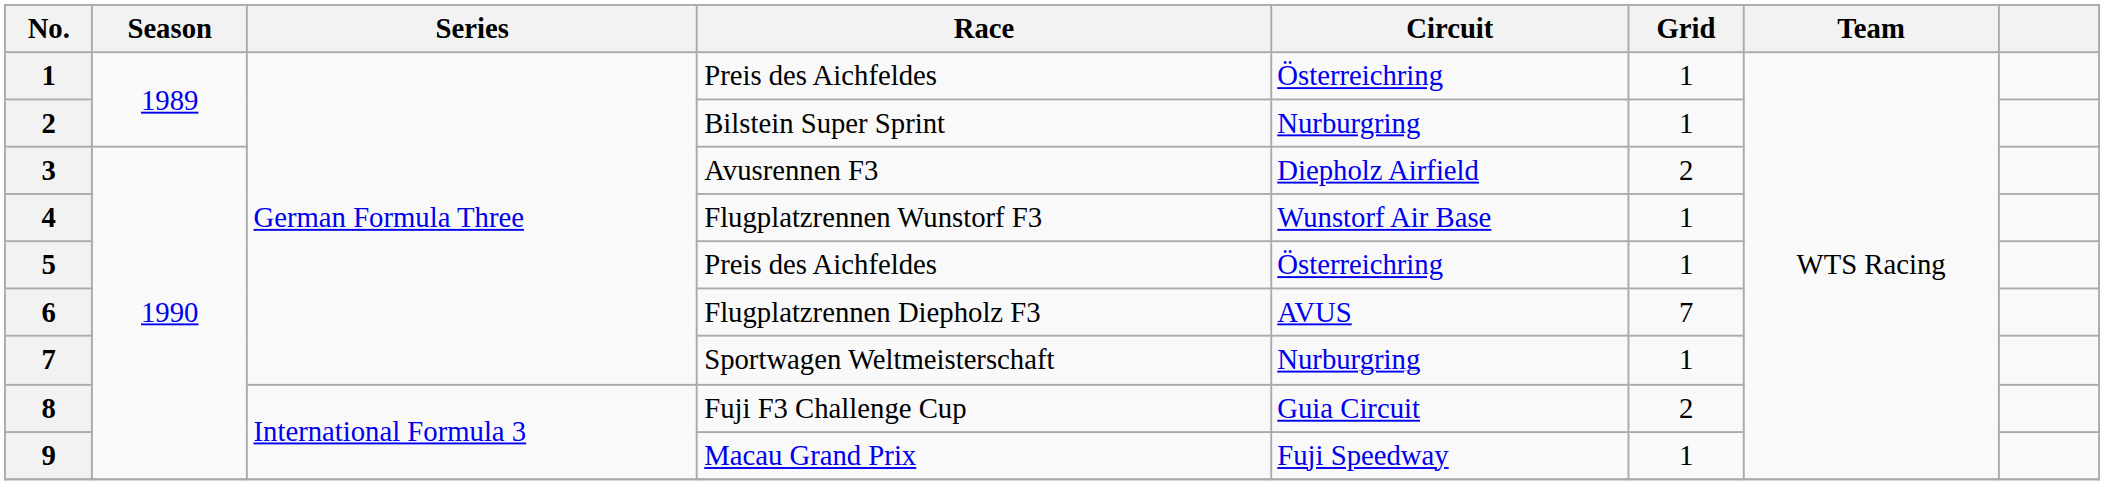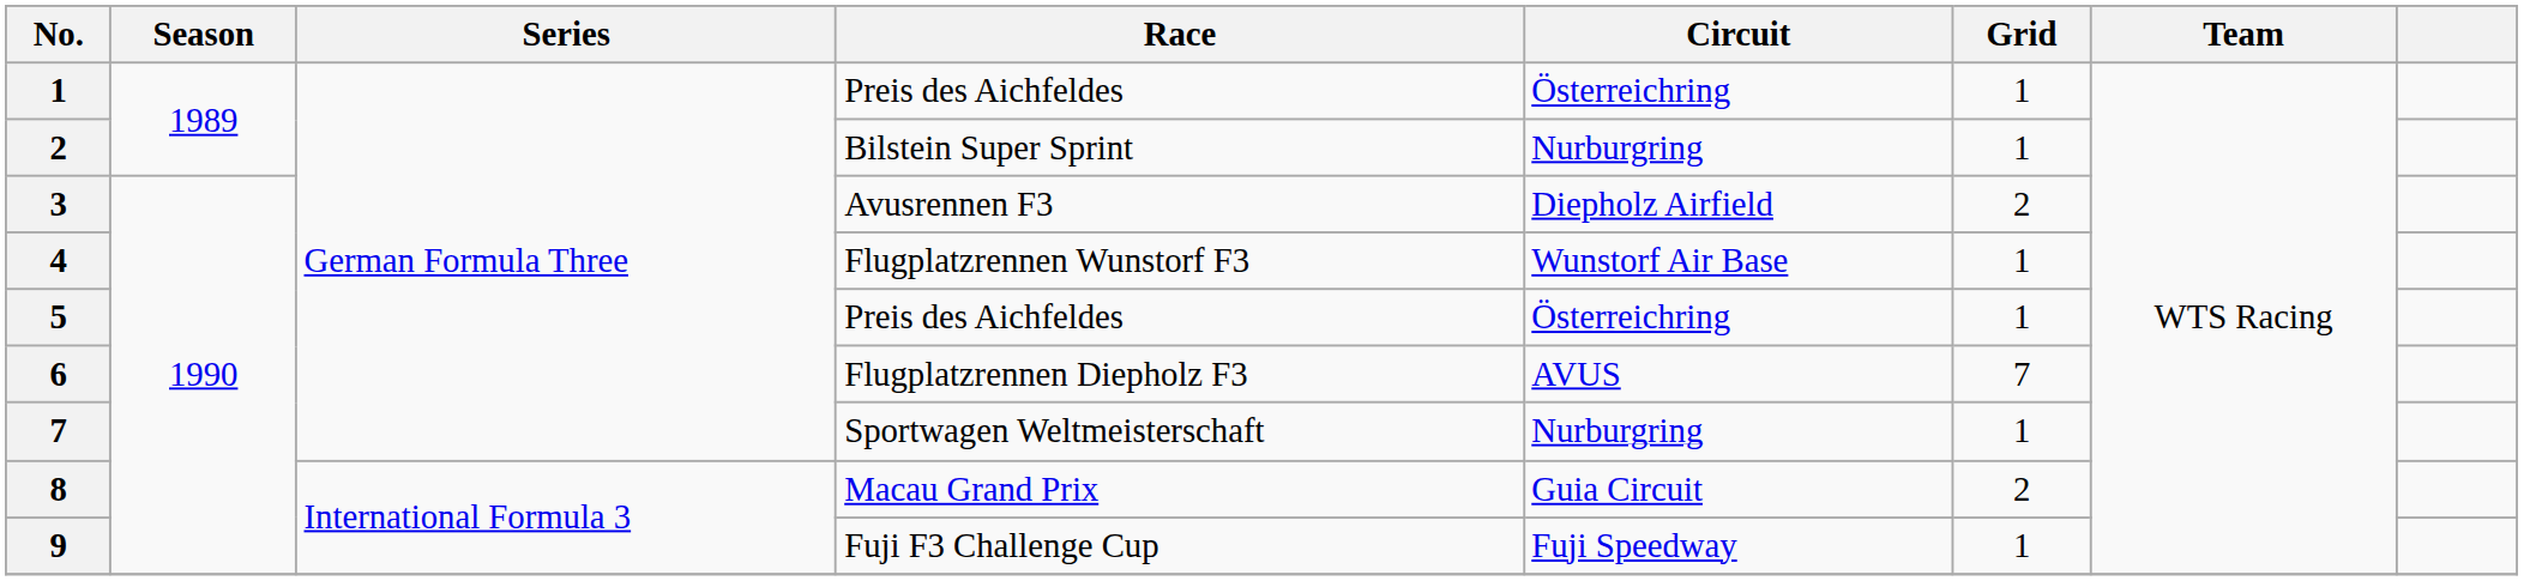 <table class="wikitable sortable" style="font-size:95%; width:70%;">
 <tr>
 <th>No.</th>
 <th>Season</th>
 <th>Series</th>
 <th>Race</th>
 <th>Circuit</th>
 <th>Grid</th>
 <th>Team</th>
 <th class="unsortable" style="width:3em;"></th>
 </tr>
 <tr>
 <th>1</th>
 <td rowspan="2" style="text-align:center;"><a href='#'>1989</a></td>
 <td rowspan="7"><a href='#'>German Formula Three</a></td>
 <td>Preis des Aichfeldes</td>
 <td><a href='#'>Österreichring</a></td>
 <td style="text-align:center;">1</td>
 <td rowspan="9" style="text-align:center;">WTS Racing</td>
 <td align=center></td>
 </tr>
 <tr>
 <th>2</th>
 <td>Bilstein Super Sprint</td>
 <td><a href='#'>Nurburgring</a></td>
 <td style="text-align:center;">1</td>
 <td align=center></td>
 </tr>
 <tr>
 <th>3</th>
 <td rowspan="7" style="text-align:center;"><a href='#'>1990</a></td>
 <td>Avusrennen F3</td>
 <td><a href='#'>Diepholz Airfield</a></td>
 <td style="text-align:center;">2</td>
 <td align=center></td>
 </tr>
 <tr>
 <th>4</th>
 <td>Flugplatzrennen Wunstorf F3</td>
 <td><a href='#'>Wunstorf Air Base</a></td>
 <td style="text-align:center;">1</td>
 <td align=center></td>
 </tr>
 <tr>
 <th>5</th>
 <td>Preis des Aichfeldes</td>
 <td><a href='#'>Österreichring</a></td>
 <td style="text-align:center;">1</td>
 <td align=center></td>
 </tr>
 <tr>
 <th>6</th>
 <td>Flugplatzrennen Diepholz F3</td>
 <td><a href='#'>AVUS</a></td>
 <td style="text-align:center;">7</td>
 <td align=center></td>
 </tr>
 <tr>
 <th>7</th>
 <td>Sportwagen Weltmeisterschaft</td>
 <td><a href='#'>Nurburgring</a></td>
 <td style="text-align:center;">1</td>
 <td align=center></td>
 </tr>
 <tr>
 <th>8</th>
 <td rowspan="2"><a href='#'>International Formula 3</a></td>
-<td>Fuji F3 Challenge Cup</td>
+<td><a href='#'>Macau Grand Prix</a></td>
 <td><a href='#'>Guia Circuit</a></td>
 <td style="text-align:center;">2</td>
 <td align=center></td>
 </tr>
 <tr>
 <th>9</th>
-<td><a href='#'>Macau Grand Prix</a></td>
+<td>Fuji F3 Challenge Cup</td>
 <td><a href='#'>Fuji Speedway</a></td>
 <td style="text-align:center;">1</td>
 <td align=center></td>
 </tr>
 <tr>
 </tr>
 </table>
